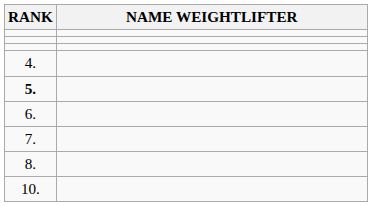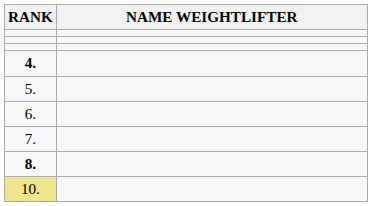 <table class="wikitable" style="font-size:95%;">
 <tr>
 <th>RANK</th>
 <th align="left" style="width: 20em">NAME WEIGHTLIFTER</th>
 </tr>
 <tr>
 <td align="center"></td>
 <td></td>
 </tr>
 <tr>
 <td align="center"></td>
 <td></td>
 </tr>
 <tr>
 <td align="center"></td>
 <td></td>
 </tr>
 <tr>
-<td align="center">4.</td>
+<td align="center"><strong>4.</strong></td>
 <td></td>
 </tr>
 <tr>
-<td align="center"><strong>5.</strong></td>
+<td align="center">5.</td>
 <td></td>
 </tr>
 <tr>
 <td align="center">6.</td>
 <td></td>
 </tr>
 <tr>
 <td align="center">7.</td>
 <td></td>
 </tr>
 <tr>
-<td align="center">8.</td>
+<td align="center"><strong>8.</strong></td>
 <td></td>
 </tr>
 <tr>
-<td align="center">10.</td>
+<td align="center" style="background: khaki;">10.</td>
 <td></td>
 </tr>
 </table>
